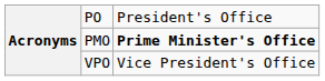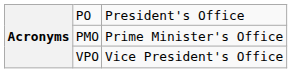 <table class=wikitable>
 <tr>
 <th rowspan=3>Acronyms</th>
 <td>PO</td>
 <td>President's Office</td>
 </tr>
 <tr>
 <td>PMO</td>
-<td><strong>Prime Minister's Office</strong></td>
+<td>Prime Minister's Office</td>
 </tr>
 <tr>
 <td>VPO</td>
 <td>Vice President's Office</td>
 </tr>
 </table>
